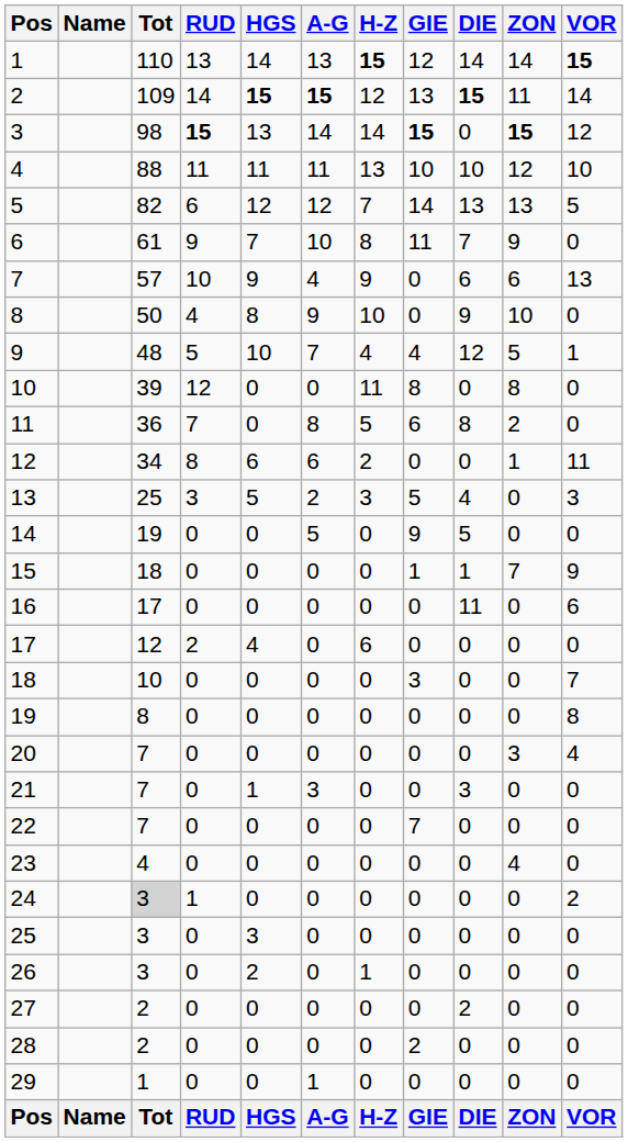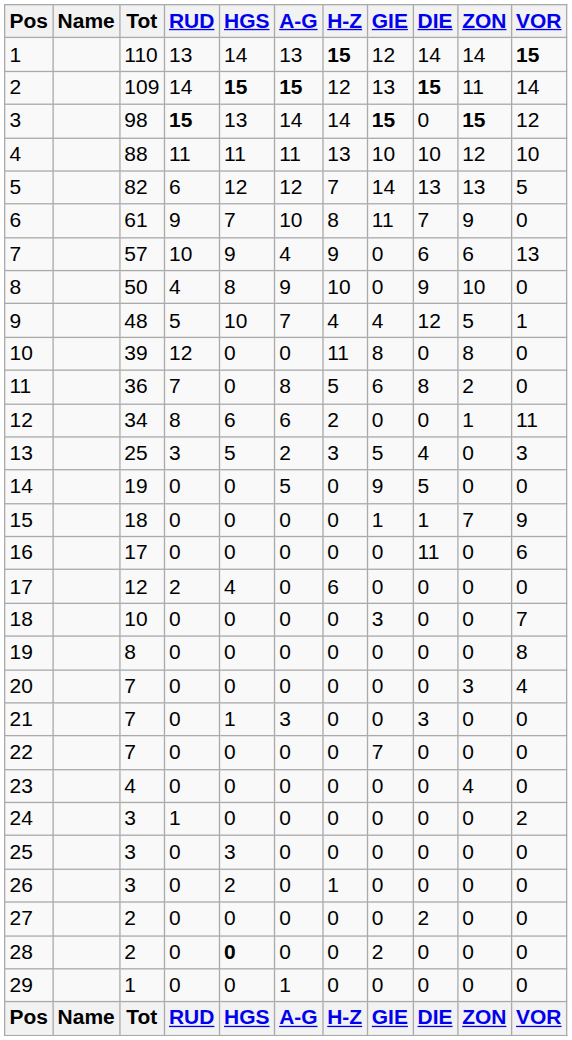 <table class="wikitable sortable">
 <tr>
 <th>Pos</th>
 <th>Name</th>
 <th>Tot</th>
 <th><a href='#'>RUD</a></th>
 <th><a href='#'>HGS</a></th>
 <th><a href='#'>A-G</a></th>
 <th><a href='#'>H-Z</a></th>
 <th><a href='#'>GIE</a></th>
 <th><a href='#'>DIE</a></th>
 <th><a href='#'>ZON</a></th>
 <th><a href='#'>VOR</a></th>
 </tr>
 <tr>
 <td>1</td>
 <td></td>
 <td>110</td>
 <td>13</td>
 <td>14</td>
 <td>13</td>
 <td><strong>15</strong></td>
 <td>12</td>
 <td>14</td>
 <td>14</td>
 <td><strong>15</strong></td>
 </tr>
 <tr>
 <td>2</td>
 <td></td>
 <td>109</td>
 <td>14</td>
 <td><strong>15</strong></td>
 <td><strong>15</strong></td>
 <td>12</td>
 <td>13</td>
 <td><strong>15</strong></td>
 <td>11</td>
 <td>14</td>
 </tr>
 <tr>
 <td>3</td>
 <td></td>
 <td>98</td>
 <td><strong>15</strong></td>
 <td>13</td>
 <td>14</td>
 <td>14</td>
 <td><strong>15</strong></td>
 <td>0</td>
 <td><strong>15</strong></td>
 <td>12</td>
 </tr>
 <tr>
 <td>4</td>
 <td></td>
 <td>88</td>
 <td>11</td>
 <td>11</td>
 <td>11</td>
 <td>13</td>
 <td>10</td>
 <td>10</td>
 <td>12</td>
 <td>10</td>
 </tr>
 <tr>
 <td>5</td>
 <td></td>
 <td>82</td>
 <td>6</td>
 <td>12</td>
 <td>12</td>
 <td>7</td>
 <td>14</td>
 <td>13</td>
 <td>13</td>
 <td>5</td>
 </tr>
 <tr>
 <td>6</td>
 <td></td>
 <td>61</td>
 <td>9</td>
 <td>7</td>
 <td>10</td>
 <td>8</td>
 <td>11</td>
 <td>7</td>
 <td>9</td>
 <td>0</td>
 </tr>
 <tr>
 <td>7</td>
 <td></td>
 <td>57</td>
 <td>10</td>
 <td>9</td>
 <td>4</td>
 <td>9</td>
 <td>0</td>
 <td>6</td>
 <td>6</td>
 <td>13</td>
 </tr>
 <tr>
 <td>8</td>
 <td></td>
 <td>50</td>
 <td>4</td>
 <td>8</td>
 <td>9</td>
 <td>10</td>
 <td>0</td>
 <td>9</td>
 <td>10</td>
 <td>0</td>
 </tr>
 <tr>
 <td>9</td>
 <td></td>
 <td>48</td>
 <td>5</td>
 <td>10</td>
 <td>7</td>
 <td>4</td>
 <td>4</td>
 <td>12</td>
 <td>5</td>
 <td>1</td>
 </tr>
 <tr>
 <td>10</td>
 <td></td>
 <td>39</td>
 <td>12</td>
 <td>0</td>
 <td>0</td>
 <td>11</td>
 <td>8</td>
 <td>0</td>
 <td>8</td>
 <td>0</td>
 </tr>
 <tr>
 <td>11</td>
 <td></td>
 <td>36</td>
 <td>7</td>
 <td>0</td>
 <td>8</td>
 <td>5</td>
 <td>6</td>
 <td>8</td>
 <td>2</td>
 <td>0</td>
 </tr>
 <tr>
 <td>12</td>
 <td></td>
 <td>34</td>
 <td>8</td>
 <td>6</td>
 <td>6</td>
 <td>2</td>
 <td>0</td>
 <td>0</td>
 <td>1</td>
 <td>11</td>
 </tr>
 <tr>
 <td>13</td>
 <td></td>
 <td>25</td>
 <td>3</td>
 <td>5</td>
 <td>2</td>
 <td>3</td>
 <td>5</td>
 <td>4</td>
 <td>0</td>
 <td>3</td>
 </tr>
 <tr>
 <td>14</td>
 <td></td>
 <td>19</td>
 <td>0</td>
 <td>0</td>
 <td>5</td>
 <td>0</td>
 <td>9</td>
 <td>5</td>
 <td>0</td>
 <td>0</td>
 </tr>
 <tr>
 <td>15</td>
 <td></td>
 <td>18</td>
 <td>0</td>
 <td>0</td>
 <td>0</td>
 <td>0</td>
 <td>1</td>
 <td>1</td>
 <td>7</td>
 <td>9</td>
 </tr>
 <tr>
 <td>16</td>
 <td></td>
 <td>17</td>
 <td>0</td>
 <td>0</td>
 <td>0</td>
 <td>0</td>
 <td>0</td>
 <td>11</td>
 <td>0</td>
 <td>6</td>
 </tr>
 <tr>
 <td>17</td>
 <td></td>
 <td>12</td>
 <td>2</td>
 <td>4</td>
 <td>0</td>
 <td>6</td>
 <td>0</td>
 <td>0</td>
 <td>0</td>
 <td>0</td>
 </tr>
 <tr>
 <td>18</td>
 <td></td>
 <td>10</td>
 <td>0</td>
 <td>0</td>
 <td>0</td>
 <td>0</td>
 <td>3</td>
 <td>0</td>
 <td>0</td>
 <td>7</td>
 </tr>
 <tr>
 <td>19</td>
 <td></td>
 <td>8</td>
 <td>0</td>
 <td>0</td>
 <td>0</td>
 <td>0</td>
 <td>0</td>
 <td>0</td>
 <td>0</td>
 <td>8</td>
 </tr>
 <tr>
 <td>20</td>
 <td></td>
 <td>7</td>
 <td>0</td>
 <td>0</td>
 <td>0</td>
 <td>0</td>
 <td>0</td>
 <td>0</td>
 <td>3</td>
 <td>4</td>
 </tr>
 <tr>
 <td>21</td>
 <td></td>
 <td>7</td>
 <td>0</td>
 <td>1</td>
 <td>3</td>
 <td>0</td>
 <td>0</td>
 <td>3</td>
 <td>0</td>
 <td>0</td>
 </tr>
 <tr>
 <td>22</td>
 <td></td>
 <td>7</td>
 <td>0</td>
 <td>0</td>
 <td>0</td>
 <td>0</td>
 <td>7</td>
 <td>0</td>
 <td>0</td>
 <td>0</td>
 </tr>
 <tr>
 <td>23</td>
 <td></td>
 <td>4</td>
 <td>0</td>
 <td>0</td>
 <td>0</td>
 <td>0</td>
 <td>0</td>
 <td>0</td>
 <td>4</td>
 <td>0</td>
 </tr>
 <tr>
 <td>24</td>
 <td></td>
-<td style="background: lightgrey;">3</td>
+<td>3</td>
 <td>1</td>
 <td>0</td>
 <td>0</td>
 <td>0</td>
 <td>0</td>
 <td>0</td>
 <td>0</td>
 <td>2</td>
 </tr>
 <tr>
 <td>25</td>
 <td></td>
 <td>3</td>
 <td>0</td>
 <td>3</td>
 <td>0</td>
 <td>0</td>
 <td>0</td>
 <td>0</td>
 <td>0</td>
 <td>0</td>
 </tr>
 <tr>
 <td>26</td>
 <td></td>
 <td>3</td>
 <td>0</td>
 <td>2</td>
 <td>0</td>
 <td>1</td>
 <td>0</td>
 <td>0</td>
 <td>0</td>
 <td>0</td>
 </tr>
 <tr>
 <td>27</td>
 <td></td>
 <td>2</td>
 <td>0</td>
 <td>0</td>
 <td>0</td>
 <td>0</td>
 <td>0</td>
 <td>2</td>
 <td>0</td>
 <td>0</td>
 </tr>
 <tr>
 <td>28</td>
 <td></td>
 <td>2</td>
 <td>0</td>
-<td>0</td>
+<td><strong>0</strong></td>
 <td>0</td>
 <td>0</td>
 <td>2</td>
 <td>0</td>
 <td>0</td>
 <td>0</td>
 </tr>
 <tr>
 <td>29</td>
 <td></td>
 <td>1</td>
 <td>0</td>
 <td>0</td>
 <td>1</td>
 <td>0</td>
 <td>0</td>
 <td>0</td>
 <td>0</td>
 <td>0</td>
 </tr>
 <tr class="sortbottom">
 <th>Pos</th>
 <th>Name</th>
 <th>Tot</th>
 <th><a href='#'>RUD</a></th>
 <th><a href='#'>HGS</a></th>
 <th><a href='#'>A-G</a></th>
 <th><a href='#'>H-Z</a></th>
 <th><a href='#'>GIE</a></th>
 <th><a href='#'>DIE</a></th>
 <th><a href='#'>ZON</a></th>
 <th><a href='#'>VOR</a></th>
 </tr>
 <tr>
 </tr>
 </table>
